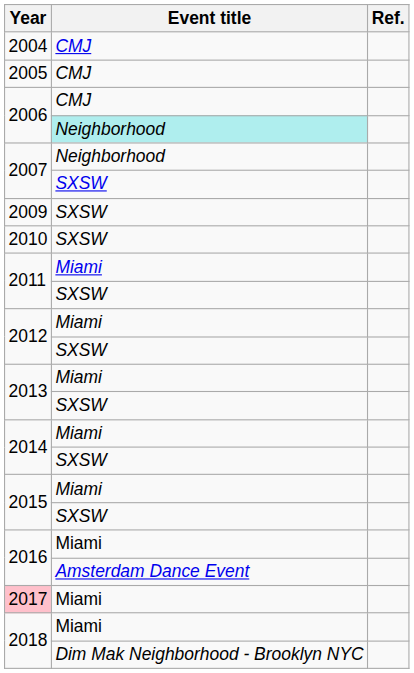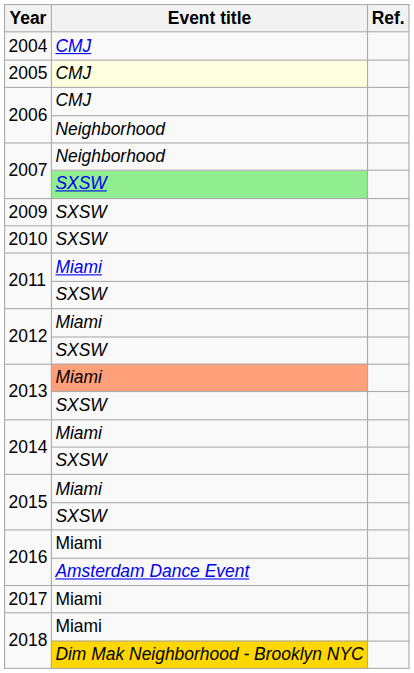 <table class="wikitable">
 <tr>
 <th>Year</th>
 <th>Event title</th>
 <th>Ref.</th>
 </tr>
 <tr>
 <td>2004</td>
 <td><em><a href='#'>CMJ</a></em></td>
 <td></td>
 </tr>
 <tr>
 <td>2005</td>
-<td><em>CMJ</em></td>
+<td style="background: lightyellow;"><em>CMJ</em></td>
 <td></td>
 </tr>
 <tr>
 <td rowspan="2">2006</td>
 <td><em>CMJ</em></td>
 <td></td>
 </tr>
 <tr>
-<td style="background: paleturquoise;"><em>Neighborhood</em></td>
+<td><em>Neighborhood</em></td>
 <td></td>
 </tr>
 <tr>
 <td rowspan="2">2007</td>
 <td><em>Neighborhood</em></td>
 <td></td>
 </tr>
 <tr>
-<td><em><a href='#'>SXSW</a></em></td>
+<td style="background: lightgreen;"><em><a href='#'>SXSW</a></em></td>
 <td></td>
 </tr>
 <tr>
 <td>2009</td>
 <td><em>SXSW</em></td>
 <td></td>
 </tr>
 <tr>
 <td>2010</td>
 <td><em>SXSW</em></td>
 <td></td>
 </tr>
 <tr>
 <td rowspan="2">2011</td>
 <td><em><a href='#'>Miami</a></em></td>
 <td></td>
 </tr>
 <tr>
 <td><em>SXSW</em></td>
 <td></td>
 </tr>
 <tr>
 <td rowspan="2">2012</td>
 <td><em>Miami</em></td>
 <td></td>
 </tr>
 <tr>
 <td><em>SXSW</em></td>
 <td></td>
 </tr>
 <tr>
 <td rowspan="2">2013</td>
-<td><em>Miami</em></td>
+<td style="background: lightsalmon;"><em>Miami</em></td>
 <td></td>
 </tr>
 <tr>
 <td><em>SXSW</em></td>
 <td></td>
 </tr>
 <tr>
 <td rowspan="2">2014</td>
 <td><em>Miami</em></td>
 <td></td>
 </tr>
 <tr>
 <td><em>SXSW</em></td>
 <td></td>
 </tr>
 <tr>
 <td rowspan="2">2015</td>
 <td><em>Miami</em></td>
 <td></td>
 </tr>
 <tr>
 <td><em>SXSW</em></td>
 <td></td>
 </tr>
 <tr>
 <td rowspan="2">2016</td>
 <td>Miami</td>
 <td></td>
 </tr>
 <tr>
 <td><em><a href='#'>Amsterdam Dance Event</a></em></td>
 <td></td>
 </tr>
 <tr>
-<td style="background: pink;">2017</td>
+<td>2017</td>
 <td>Miami</td>
 <td></td>
 </tr>
 <tr>
 <td rowspan="2">2018</td>
 <td>Miami</td>
 <td></td>
 </tr>
 <tr>
-<td><em>Dim Mak Neighborhood - Brooklyn NYC</em></td>
+<td style="background: gold;"><em>Dim Mak Neighborhood - Brooklyn NYC</em></td>
 <td></td>
 </tr>
 </table>
